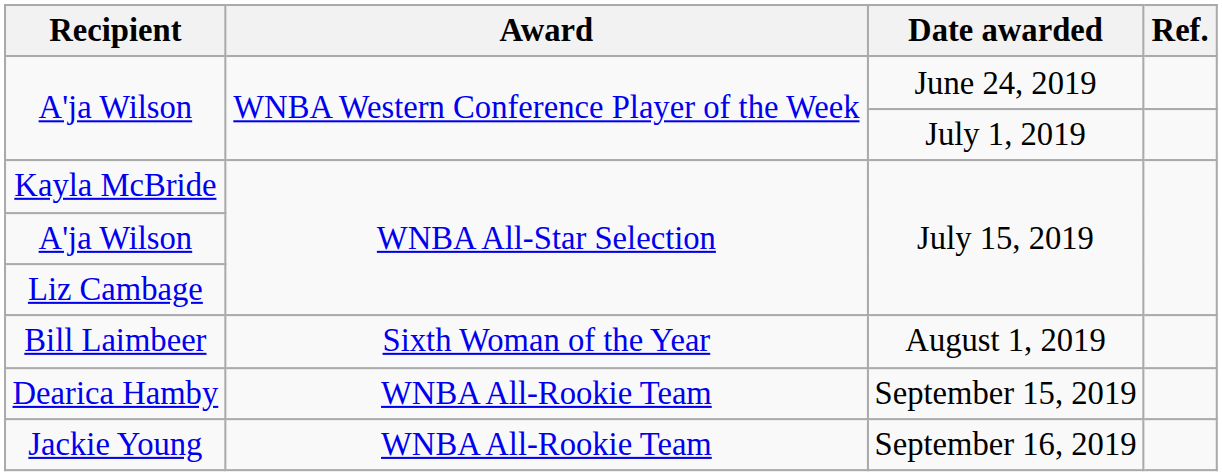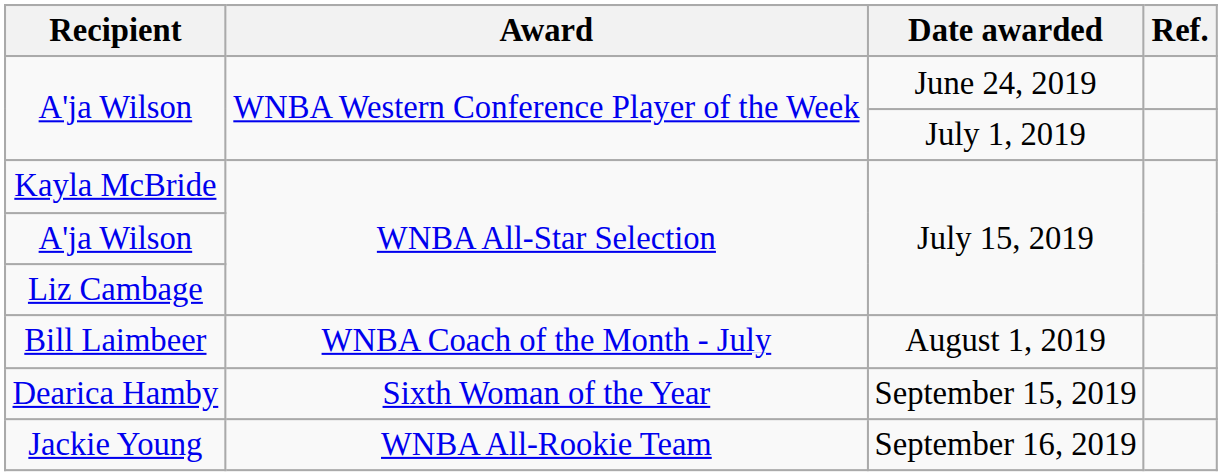 <table class="wikitable sortable sortable" style="text-align: center">
 <tr>
 <th>Recipient</th>
 <th>Award</th>
 <th>Date awarded</th>
 <th>Ref.</th>
 </tr>
 <tr>
 <td rowspan=2><a href='#'>A'ja Wilson</a></td>
 <td rowspan=2><a href='#'>WNBA Western Conference Player of the Week</a></td>
 <td>June 24, 2019</td>
 <td></td>
 </tr>
 <tr>
 <td>July 1, 2019</td>
 <td></td>
 </tr>
 <tr>
 <td><a href='#'>Kayla McBride</a></td>
 <td rowspan=3><a href='#'>WNBA All-Star Selection</a></td>
 <td rowspan=3>July 15, 2019</td>
 <td rowspan=3></td>
 </tr>
 <tr>
 <td><a href='#'>A'ja Wilson</a></td>
 </tr>
 <tr>
 <td><a href='#'>Liz Cambage</a></td>
 </tr>
 <tr>
 <td><a href='#'>Bill Laimbeer</a></td>
-<td><a href='#'>Sixth Woman of the Year</a></td>
+<td><a href='#'>WNBA Coach of the Month - July</a></td>
 <td>August 1, 2019</td>
 <td></td>
 </tr>
 <tr>
 <td><a href='#'>Dearica Hamby</a></td>
-<td><a href='#'>WNBA All-Rookie Team</a></td>
+<td><a href='#'>Sixth Woman of the Year</a></td>
 <td>September 15, 2019</td>
 <td></td>
 </tr>
 <tr>
 <td><a href='#'>Jackie Young</a></td>
 <td><a href='#'>WNBA All-Rookie Team</a></td>
 <td>September 16, 2019</td>
 <td></td>
 </tr>
 </table>
